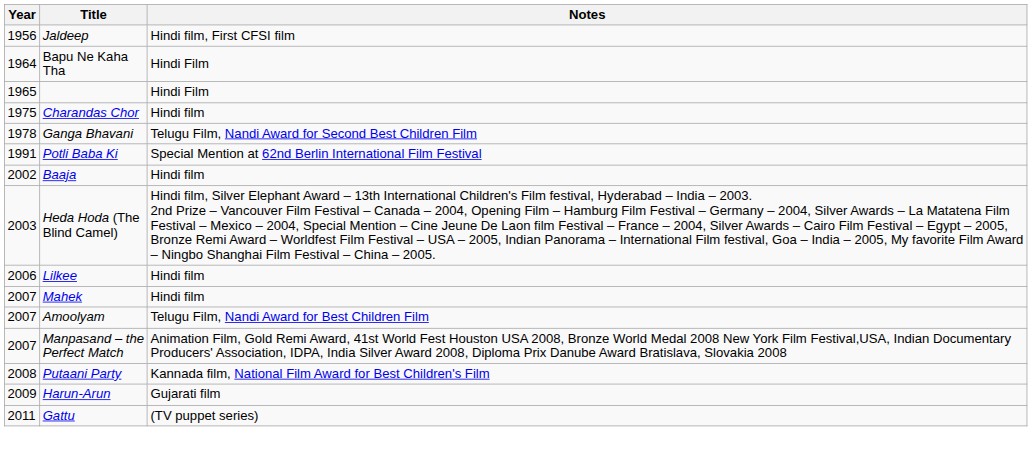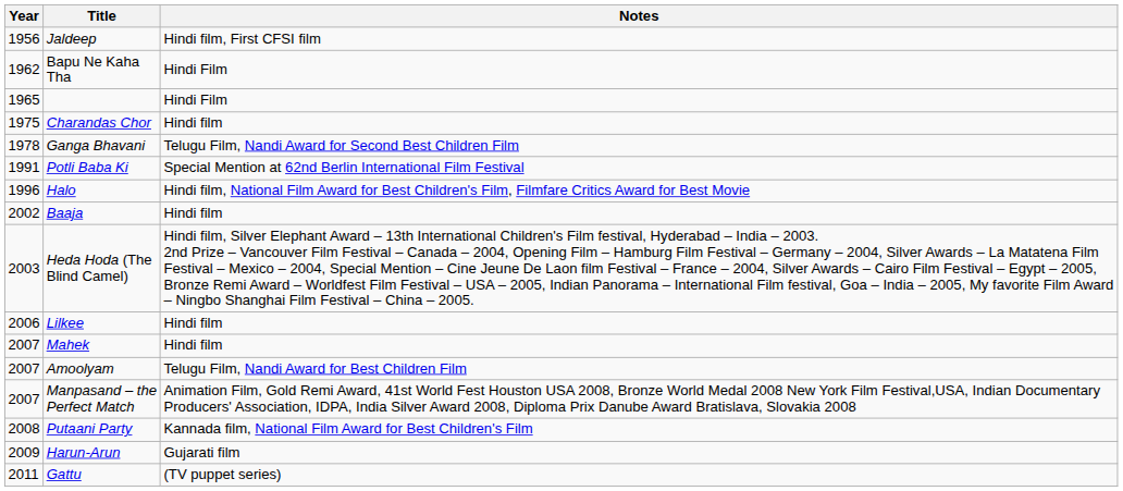 <table class="wikitable">
 <tr>
 <th>Year</th>
 <th>Title</th>
 <th>Notes</th>
 </tr>
 <tr>
 <td>1956</td>
 <td><em>Jaldeep</em></td>
 <td>Hindi film, First CFSI film</td>
 </tr>
 <tr>
-<td>1964</td>
+<td>1962</td>
 <td>Bapu Ne Kaha Tha</td>
 <td>Hindi Film</td>
 </tr>
 <tr>
 <td>1965</td>
 <td></td>
 <td>Hindi Film</td>
 </tr>
 <tr>
 <td>1975</td>
 <td><em><a href='#'>Charandas Chor</a></em></td>
 <td>Hindi film</td>
 </tr>
 <tr>
 <td>1978</td>
 <td><em>Ganga Bhavani</em></td>
 <td>Telugu Film, <a href='#'>Nandi Award for Second Best Children Film</a></td>
 </tr>
 <tr>
 <td>1991</td>
 <td><em><a href='#'>Potli Baba Ki</a></em></td>
 <td>Special Mention at <a href='#'>62nd Berlin International Film Festival</a></td>
+</tr>
+<tr>
+<td>1996</td>
+<td><em><a href='#'>Halo</a></em></td>
+<td>Hindi film, <a href='#'>National Film Award for Best Children's Film</a>, <a href='#'>Filmfare Critics Award for Best Movie</a></td>
 </tr>
 <tr>
 <td>2002</td>
 <td><em><a href='#'>Baaja</a></em></td>
 <td>Hindi film</td>
 </tr>
 <tr>
 <td>2003</td>
 <td><em>Heda Hoda</em> (The Blind Camel)</td>
 <td>Hindi film, Silver Elephant Award – 13th International Children's Film festival, Hyderabad – India – 2003.<br>2nd Prize – Vancouver Film Festival – Canada – 2004, Opening Film – Hamburg Film Festival – Germany – 2004, Silver Awards – La Matatena Film Festival – Mexico – 2004, Special Mention – Cine Jeune De Laon film Festival – France – 2004, Silver Awards – Cairo Film Festival – Egypt – 2005, Bronze Remi Award – Worldfest Film Festival – USA – 2005, Indian Panorama – International Film festival, Goa – India – 2005, My favorite Film Award – Ningbo Shanghai Film Festival – China – 2005.</td>
 </tr>
 <tr>
 <td>2006</td>
 <td><em><a href='#'>Lilkee</a></em></td>
 <td>Hindi film</td>
 </tr>
 <tr>
 <td>2007</td>
 <td><em><a href='#'>Mahek</a></em></td>
 <td>Hindi film</td>
 </tr>
 <tr>
 <td>2007</td>
 <td><em>Amoolyam</em></td>
 <td>Telugu Film, <a href='#'>Nandi Award for Best Children Film</a></td>
 </tr>
 <tr>
 <td>2007</td>
 <td><em> Manpasand – the Perfect Match</em></td>
 <td>Animation Film, Gold Remi Award, 41st World Fest Houston USA 2008, Bronze World Medal 2008 New York Film Festival,USA, Indian Documentary Producers' Association, IDPA, India Silver Award 2008, Diploma Prix Danube Award Bratislava, Slovakia 2008</td>
 </tr>
 <tr>
 <td>2008</td>
 <td><em><a href='#'>Putaani Party</a></em></td>
 <td>Kannada film, <a href='#'>National Film Award for Best Children's Film</a></td>
 </tr>
 <tr>
 <td>2009</td>
 <td><em><a href='#'>Harun-Arun</a></em></td>
 <td>Gujarati film</td>
 </tr>
 <tr>
 <td>2011</td>
 <td><em><a href='#'>Gattu</a></em></td>
 <td>(TV puppet series)</td>
 </tr>
 </table>
